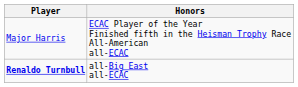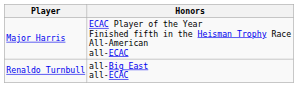 <table class="wikitable">
 <tr>
 <th>Player</th>
 <th>Honors</th>
 </tr>
 <tr>
 <td><a href='#'>Major Harris</a></td>
 <td><a href='#'>ECAC</a> Player of the Year<br>Finished fifth in the <a href='#'>Heisman Trophy</a> Race<br>All-American<br>all-<a href='#'>ECAC</a></td>
 </tr>
 <tr>
-<td><strong><a href='#'>Renaldo Turnbull</a></strong></td>
+<td><a href='#'>Renaldo Turnbull</a></td>
 <td>all-<a href='#'>Big East</a><br>all-<a href='#'>ECAC</a></td>
 </tr>
 </table>
